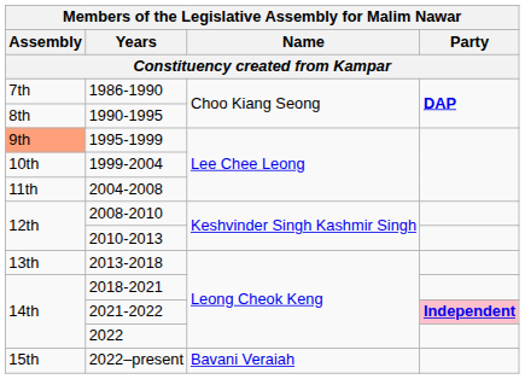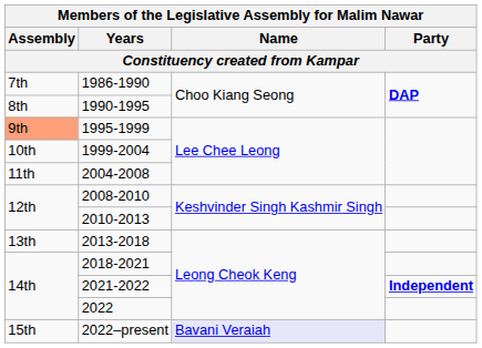 <table class="wikitable">
 <tr>
 <th colspan="4">Members of the Legislative Assembly for Malim Nawar</th>
 </tr>
 <tr>
 <th>Assembly</th>
 <th>Years</th>
 <th>Name</th>
 <th>Party</th>
 </tr>
 <tr>
 <th colspan="4"><em>Constituency created from Kampar</em></th>
 </tr>
 <tr>
 <td>7th</td>
 <td>1986-1990</td>
 <td rowspan="2">Choo Kiang Seong</td>
 <td rowspan="2"><strong><a href='#'>DAP</a></strong></td>
 </tr>
 <tr>
 <td>8th</td>
 <td>1990-1995</td>
 </tr>
 <tr>
 <td style="background: lightsalmon;">9th</td>
 <td>1995-1999</td>
 <td rowspan="3"><a href='#'>Lee Chee Leong</a></td>
 <td rowspan="3"></td>
 </tr>
 <tr>
 <td>10th</td>
 <td>1999-2004</td>
 </tr>
 <tr>
 <td>11th</td>
 <td>2004-2008</td>
 </tr>
 <tr>
 <td rowspan="2">12th</td>
 <td>2008-2010</td>
 <td rowspan="2"><a href='#'>Keshvinder Singh Kashmir Singh</a></td>
 <td></td>
 </tr>
 <tr>
 <td>2010-2013</td>
 <td></td>
 </tr>
 <tr>
 <td>13th</td>
 <td>2013-2018</td>
 <td rowspan="4"><a href='#'>Leong Cheok Keng</a></td>
 <td></td>
 </tr>
 <tr>
 <td rowspan="3">14th</td>
 <td>2018-2021</td>
 <td></td>
 </tr>
 <tr>
 <td>2021-2022</td>
-<td style="background: pink;"><strong><a href='#'>Independent</a></strong></td>
+<td><strong><a href='#'>Independent</a></strong></td>
 </tr>
 <tr>
 <td>2022</td>
 <td></td>
 </tr>
 <tr>
 <td>15th</td>
 <td>2022–present</td>
-<td><a href='#'>Bavani Veraiah</a></td>
+<td style="background: lavender;"><a href='#'>Bavani Veraiah</a></td>
 <td></td>
 </tr>
 </table>
